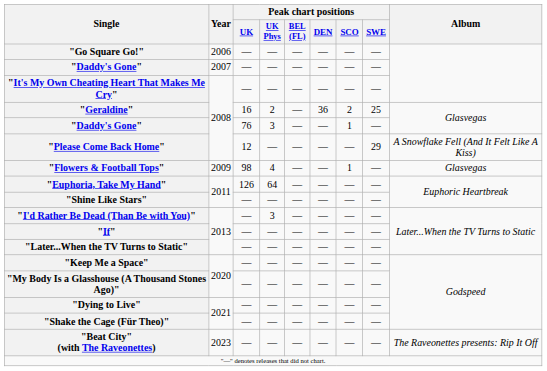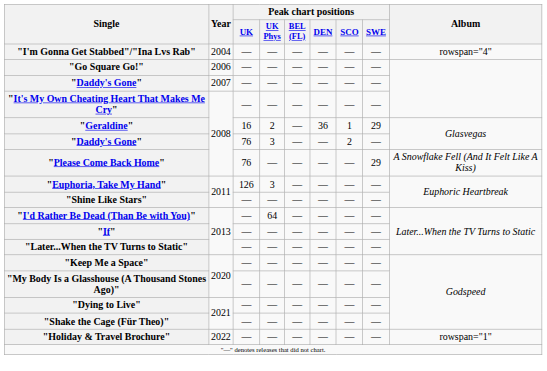 <table class="wikitable plainrowheaders" style="text-align:center;">
 <tr>
 <th scope="col" rowspan="2">Single</th>
 <th scope="col" rowspan="2">Year</th>
 <th scope="col" colspan="6">Peak chart positions</th>
 <th scope="col" rowspan="2">Album</th>
 </tr>
 <tr>
 <th style="width:2.5em;font-size:90%"><a href='#'>UK</a><br></th>
 <th scope="col" style="width:2.5em;font-size:85%;"><a href='#'>UK<br>Phys</a><br></th>
 <th scope="col" style="width:2.5em;font-size:85%;"><a href='#'>BEL<br>(FL)</a><br></th>
 <th style="width:2.5em;font-size:90%"><a href='#'>DEN</a><br></th>
 <th style="width:2.5em;font-size:90%"><a href='#'>SCO</a><br></th>
 <th style="width:2.5em;font-size:90%"><a href='#'>SWE</a><br></th>
+</tr>
+<tr>
+<th scope="row">"I'm Gonna Get Stabbed"/"Ina Lvs Rab"</th>
+<td>2004</td>
+<td>—</td>
+<td>—</td>
+<td>—</td>
+<td>—</td>
+<td>—</td>
+<td>—</td>
+<td>rowspan="4" </td>
 </tr>
 <tr>
 <th scope="row">"Go Square Go!"</th>
 <td>2006</td>
 <td>—</td>
 <td>—</td>
 <td>—</td>
 <td>—</td>
 <td>—</td>
 <td>—</td>
 </tr>
 <tr>
 <th scope="row">"<a href='#'>Daddy's Gone</a>"</th>
 <td>2007</td>
 <td>—</td>
 <td>—</td>
 <td>—</td>
 <td>—</td>
 <td>—</td>
 <td>—</td>
 </tr>
 <tr>
 <th scope="row">"<a href='#'>It's My Own Cheating Heart That Makes Me Cry</a>"</th>
 <td rowspan="4">2008</td>
 <td>—</td>
 <td>—</td>
 <td>—</td>
 <td>—</td>
 <td>—</td>
 <td>—</td>
 </tr>
 <tr>
 <th scope="row">"<a href='#'>Geraldine</a>"</th>
 <td>16</td>
 <td>2</td>
 <td>—</td>
 <td>36</td>
-<td>2</td>
-<td>25</td>
+<td>1</td>
+<td>29</td>
 <td rowspan="2"><em>Glasvegas</em></td>
 </tr>
 <tr>
 <th scope="row">"<a href='#'>Daddy's Gone</a>"</th>
 <td>76</td>
 <td>3</td>
 <td>—</td>
 <td>—</td>
-<td>1</td>
+<td>2</td>
 <td>—</td>
 </tr>
 <tr>
 <th scope="row">"<a href='#'>Please Come Back Home</a>"</th>
-<td>12</td>
+<td>76</td>
 <td>—</td>
 <td>—</td>
 <td>—</td>
 <td>—</td>
 <td>29</td>
 <td rowspan="1"><em>A Snowflake Fell (And It Felt Like A Kiss)</em></td>
 </tr>
 <tr>
-<th scope="row">"<a href='#'>Flowers & Football Tops</a>"</th>
-<td>2009</td>
-<td>98</td>
-<td>4</td>
-<td>—</td>
-<td>—</td>
-<td>1</td>
-<td>—</td>
-<td rowspan="1"><em>Glasvegas</em></td>
-</tr>
-<tr>
 <th scope="row">"<a href='#'>Euphoria, Take My Hand</a>"</th>
 <td rowspan="2">2011</td>
 <td>126</td>
-<td>64</td>
+<td>3</td>
 <td>—</td>
 <td>—</td>
 <td>—</td>
 <td>—</td>
 <td rowspan="2" align="center"><em>Euphoric Heartbreak</em></td>
 </tr>
 <tr>
 <th scope="row">"Shine Like Stars"</th>
 <td>—</td>
 <td>—</td>
 <td>—</td>
 <td>—</td>
 <td>—</td>
 <td>—</td>
 </tr>
 <tr>
 <th scope="row">"<a href='#'>I'd Rather Be Dead (Than Be with You)</a>"</th>
 <td rowspan="3">2013</td>
 <td>—</td>
-<td>3</td>
+<td>64</td>
 <td>—</td>
 <td>—</td>
 <td>—</td>
 <td>—</td>
 <td rowspan="3" align="center"><em>Later...When the TV Turns to Static</em></td>
 </tr>
 <tr>
 <th scope="row">"<a href='#'>If</a>"</th>
 <td>—</td>
 <td>—</td>
 <td>—</td>
 <td>—</td>
 <td>—</td>
 <td>—</td>
 </tr>
 <tr>
 <th scope="row">"Later...When the TV Turns to Static"</th>
 <td>—</td>
 <td>—</td>
 <td>—</td>
 <td>—</td>
 <td>—</td>
 <td>—</td>
 </tr>
 <tr>
 <th scope="row">"Keep Me a Space"</th>
 <td rowspan="2">2020</td>
 <td>—</td>
 <td>—</td>
 <td>—</td>
 <td>—</td>
 <td>—</td>
 <td>—</td>
 <td rowspan="4" align="center"><em>Godspeed</em></td>
 </tr>
 <tr>
 <th scope="row">"My Body Is a Glasshouse (A Thousand Stones Ago)"</th>
 <td>—</td>
 <td>—</td>
 <td>—</td>
 <td>—</td>
 <td>—</td>
 <td>—</td>
 </tr>
 <tr>
 <th scope="row">"Dying to Live"</th>
 <td rowspan="2">2021</td>
 <td>—</td>
 <td>—</td>
 <td>—</td>
 <td>—</td>
 <td>—</td>
 <td>—</td>
 </tr>
 <tr>
 <th scope="row">"Shake the Cage (Für Theo)"</th>
 <td>—</td>
 <td>—</td>
 <td>—</td>
 <td>—</td>
 <td>—</td>
 <td>—</td>
 </tr>
 <tr>
-<th scope="row">"Beat City"<br><span>(with <a href='#'>The Raveonettes</a>)</span></th>
-<td>2023</td>
+<th scope="row">"Holiday & Travel Brochure"</th>
+<td>2022</td>
 <td>—</td>
 <td>—</td>
 <td>—</td>
 <td>—</td>
 <td>—</td>
 <td>—</td>
-<td rowspan="1" align="center"><em>The Raveonettes presents: Rip It Off</em></td>
+<td>rowspan="1" </td>
 </tr>
 <tr>
 <td align="center" colspan="9" style="font-size: 8pt">"—" denotes releases that did not chart.</td>
 </tr>
 </table>
